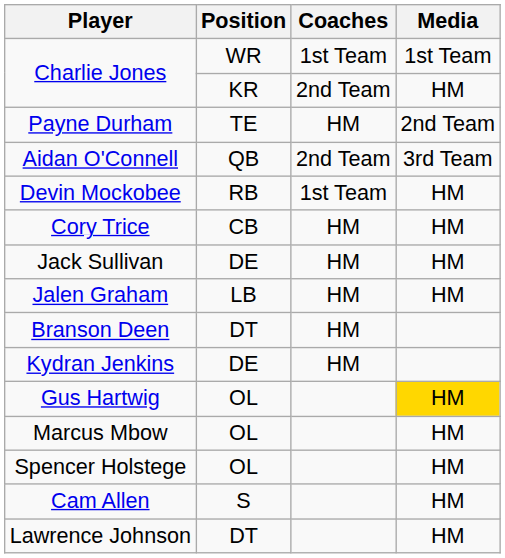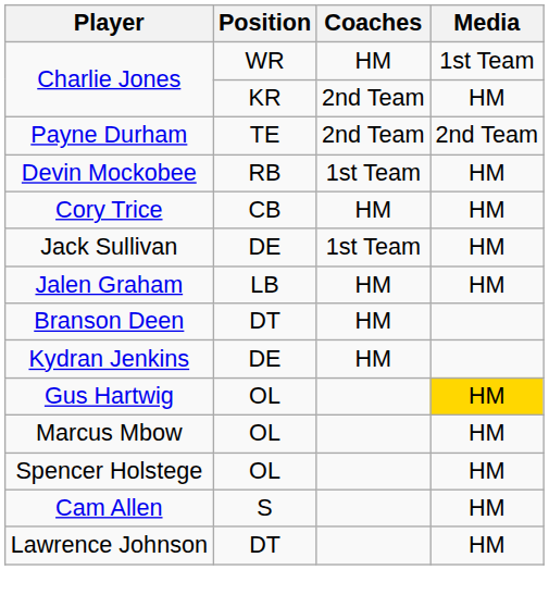 <table class="wikitable sortable" style="text-align: center">
 <tr>
 <th>Player</th>
 <th>Position</th>
 <th>Coaches</th>
 <th>Media</th>
 </tr>
 <tr>
 <td rowspan="2"><a href='#'>Charlie Jones</a></td>
 <td>WR</td>
-<td>1st Team</td>
+<td>HM</td>
 <td>1st Team</td>
 </tr>
 <tr>
 <td>KR</td>
 <td>2nd Team</td>
 <td>HM</td>
 </tr>
 <tr>
 <td><a href='#'>Payne Durham</a></td>
 <td>TE</td>
-<td>HM</td>
 <td>2nd Team</td>
-</tr>
-<tr>
-<td><a href='#'>Aidan O'Connell</a></td>
-<td>QB</td>
 <td>2nd Team</td>
-<td>3rd Team</td>
 </tr>
 <tr>
 <td><a href='#'>Devin Mockobee</a></td>
 <td>RB</td>
 <td>1st Team</td>
 <td>HM</td>
 </tr>
 <tr>
 <td><a href='#'>Cory Trice</a></td>
 <td>CB</td>
 <td>HM</td>
 <td>HM</td>
 </tr>
 <tr>
 <td>Jack Sullivan</td>
 <td>DE</td>
-<td>HM</td>
+<td>1st Team</td>
 <td>HM</td>
 </tr>
 <tr>
 <td><a href='#'>Jalen Graham</a></td>
 <td>LB</td>
 <td>HM</td>
 <td>HM</td>
 </tr>
 <tr>
 <td><a href='#'>Branson Deen</a></td>
 <td>DT</td>
 <td>HM</td>
 <td></td>
 </tr>
 <tr>
 <td><a href='#'>Kydran Jenkins</a></td>
 <td>DE</td>
 <td>HM</td>
 <td></td>
 </tr>
 <tr>
 <td><a href='#'>Gus Hartwig</a></td>
 <td>OL</td>
 <td></td>
 <td style="background: gold;">HM</td>
 </tr>
 <tr>
 <td>Marcus Mbow</td>
 <td>OL</td>
 <td></td>
 <td>HM</td>
 </tr>
 <tr>
 <td>Spencer Holstege</td>
 <td>OL</td>
 <td></td>
 <td>HM</td>
 </tr>
 <tr>
 <td><a href='#'>Cam Allen</a></td>
 <td>S</td>
 <td></td>
 <td>HM</td>
 </tr>
 <tr>
 <td>Lawrence Johnson</td>
 <td>DT</td>
 <td></td>
 <td>HM</td>
 </tr>
 </table>
